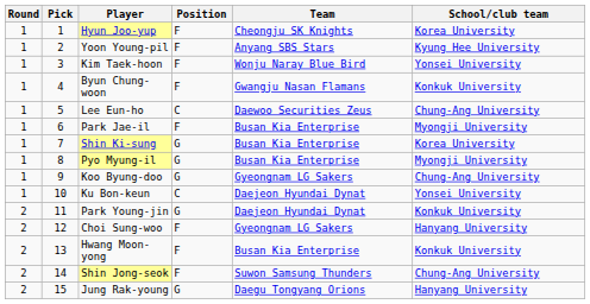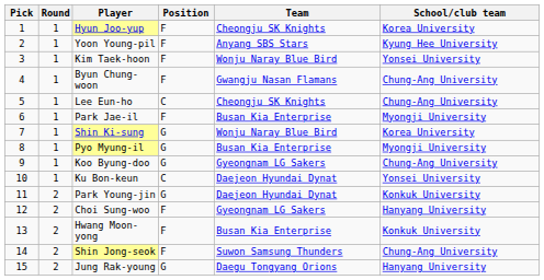 <table class="wikitable sortable sortable">
 <tr>
+<th scope="col" width=40>Pick</th>
 <th scope="col" width=40>Round</th>
-<th scope="col" width=40>Pick</th>
 <th scope="col" width=110>Player</th>
 <th scope="col" width=70>Position</th>
 <th scope="col" width=220>Team</th>
 <th scope="col" width=210>School/club team</th>
 </tr>
 <tr>
 <td align=center>1</td>
 <td align=center>1</td>
 <td style="background-color:#FFFF99;"><a href='#'>Hyun Joo-yup</a></td>
 <td>F</td>
 <td><a href='#'>Cheongju SK Knights</a></td>
 <td><a href='#'>Korea University</a></td>
 </tr>
 <tr>
+<td align=center>2</td>
 <td align=center>1</td>
-<td align=center>2</td>
 <td>Yoon Young-pil</td>
 <td>F</td>
 <td><a href='#'>Anyang SBS Stars</a></td>
 <td><a href='#'>Kyung Hee University</a></td>
 </tr>
 <tr>
+<td align=center>3</td>
 <td align=center>1</td>
-<td align=center>3</td>
 <td>Kim Taek-hoon</td>
 <td>F</td>
 <td><a href='#'>Wonju Naray Blue Bird</a></td>
 <td><a href='#'>Yonsei University</a></td>
 </tr>
 <tr>
+<td align=center>4</td>
 <td align=center>1</td>
-<td align=center>4</td>
 <td>Byun Chung-woon</td>
 <td>F</td>
 <td><a href='#'>Gwangju Nasan Flamans</a></td>
-<td><a href='#'>Konkuk University</a></td>
-</tr>
-<tr>
-<td align=center>1</td>
-<td align=center>5</td>
-<td>Lee Eun-ho</td>
-<td>C</td>
-<td><a href='#'>Daewoo Securities Zeus</a></td>
 <td><a href='#'>Chung-Ang University</a></td>
 </tr>
 <tr>
+<td align=center>5</td>
 <td align=center>1</td>
+<td>Lee Eun-ho</td>
+<td>C</td>
+<td><a href='#'>Cheongju SK Knights</a></td>
+<td><a href='#'>Chung-Ang University</a></td>
+</tr>
+<tr>
 <td align=center>6</td>
+<td align=center>1</td>
 <td>Park Jae-il</td>
 <td>F</td>
 <td><a href='#'>Busan Kia Enterprise</a></td>
 <td><a href='#'>Myongji University</a></td>
 </tr>
 <tr>
+<td align=center>7</td>
 <td align=center>1</td>
-<td align=center>7</td>
 <td style="background-color:#FFFF99;"><a href='#'>Shin Ki-sung</a></td>
 <td>G</td>
-<td><a href='#'>Busan Kia Enterprise</a></td>
+<td><a href='#'>Wonju Naray Blue Bird</a></td>
 <td><a href='#'>Korea University</a></td>
 </tr>
 <tr>
+<td align=center>8</td>
 <td align=center>1</td>
-<td align=center>8</td>
 <td style="background-color:#FFFF99;">Pyo Myung-il</td>
 <td>G</td>
 <td><a href='#'>Busan Kia Enterprise</a></td>
 <td><a href='#'>Myongji University</a></td>
 </tr>
 <tr>
+<td align=center>9</td>
 <td align=center>1</td>
-<td align=center>9</td>
 <td>Koo Byung-doo</td>
 <td>G</td>
 <td><a href='#'>Gyeongnam LG Sakers</a></td>
 <td><a href='#'>Chung-Ang University</a></td>
 </tr>
 <tr>
+<td align=center>10</td>
 <td align=center>1</td>
-<td align=center>10</td>
 <td>Ku Bon-keun</td>
 <td>C</td>
 <td><a href='#'>Daejeon Hyundai Dynat</a></td>
 <td><a href='#'>Yonsei University</a></td>
 </tr>
 <tr>
+<td align=center>11</td>
 <td align=center>2</td>
-<td align=center>11</td>
 <td>Park Young-jin</td>
 <td>G</td>
 <td><a href='#'>Daejeon Hyundai Dynat</a></td>
 <td><a href='#'>Konkuk University</a></td>
 </tr>
 <tr>
+<td align=center>12</td>
 <td align=center>2</td>
-<td align=center>12</td>
 <td>Choi Sung-woo</td>
 <td>F</td>
 <td><a href='#'>Gyeongnam LG Sakers</a></td>
 <td><a href='#'>Hanyang University</a></td>
 </tr>
 <tr>
+<td align=center>13</td>
 <td align=center>2</td>
-<td align=center>13</td>
 <td>Hwang Moon-yong</td>
 <td>F</td>
 <td><a href='#'>Busan Kia Enterprise</a></td>
 <td><a href='#'>Konkuk University</a></td>
 </tr>
 <tr>
+<td align=center>14</td>
 <td align=center>2</td>
-<td align=center>14</td>
 <td style="background-color:#FFFF99;">Shin Jong-seok</td>
 <td>F</td>
 <td><a href='#'>Suwon Samsung Thunders</a></td>
 <td><a href='#'>Chung-Ang University</a></td>
 </tr>
 <tr>
+<td align=center>15</td>
 <td align=center>2</td>
-<td align=center>15</td>
 <td>Jung Rak-young</td>
 <td>G</td>
 <td><a href='#'>Daegu Tongyang Orions</a></td>
 <td><a href='#'>Hanyang University</a></td>
 </tr>
 </table>
